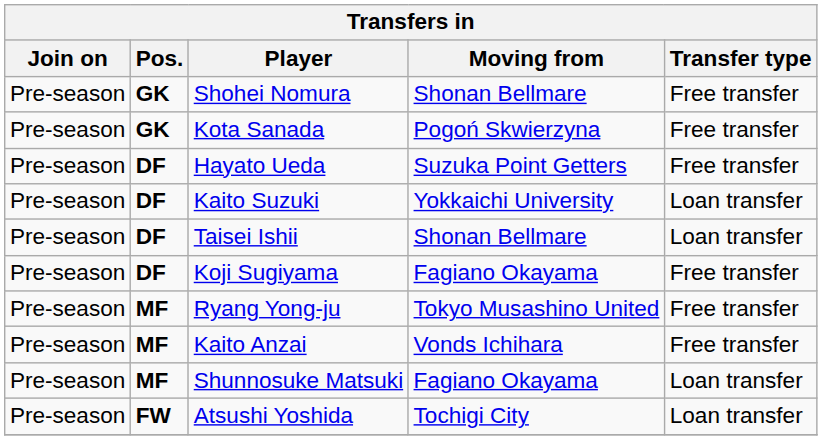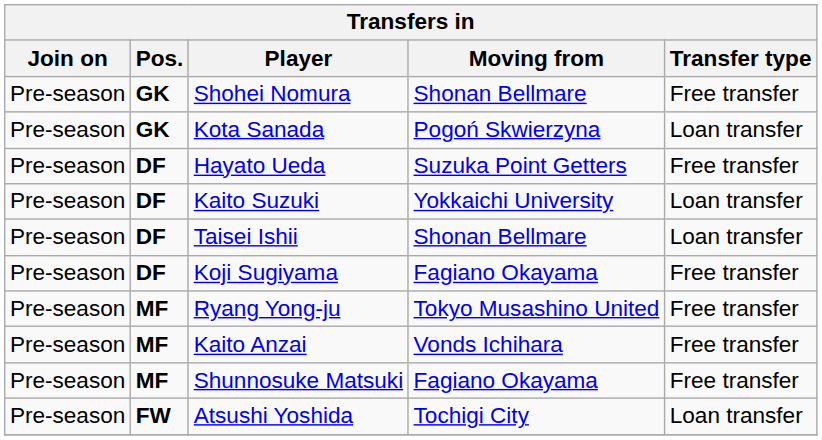 <table class="wikitable sortable" style=“text-align:left;>
 <tr>
 <th colspan="5">Transfers in</th>
 </tr>
 <tr>
 <th>Join on</th>
 <th>Pos.</th>
 <th>Player</th>
 <th>Moving from</th>
 <th>Transfer type</th>
 </tr>
 <tr>
 <td>Pre-season</td>
 <td><strong>GK</strong></td>
 <td> <a href='#'>Shohei Nomura</a></td>
 <td> <a href='#'>Shonan Bellmare</a></td>
 <td>Free transfer</td>
 </tr>
 <tr>
 <td>Pre-season</td>
 <td><strong>GK</strong></td>
 <td> <a href='#'>Kota Sanada</a></td>
 <td> <a href='#'>Pogoń Skwierzyna</a></td>
-<td>Free transfer</td>
+<td>Loan transfer</td>
 </tr>
 <tr>
 <td>Pre-season</td>
 <td><strong>DF</strong></td>
 <td> <a href='#'>Hayato Ueda</a></td>
 <td> <a href='#'>Suzuka Point Getters</a></td>
 <td>Free transfer</td>
 </tr>
 <tr>
 <td>Pre-season</td>
 <td><strong>DF</strong></td>
 <td> <a href='#'>Kaito Suzuki</a></td>
 <td> <a href='#'>Yokkaichi University</a></td>
 <td>Loan transfer</td>
 </tr>
 <tr>
 <td>Pre-season</td>
 <td><strong>DF</strong></td>
 <td> <a href='#'>Taisei Ishii</a></td>
 <td> <a href='#'>Shonan Bellmare</a></td>
 <td>Loan transfer</td>
 </tr>
 <tr>
 <td>Pre-season</td>
 <td><strong>DF</strong></td>
 <td> <a href='#'>Koji Sugiyama</a></td>
 <td> <a href='#'>Fagiano Okayama</a></td>
 <td>Free transfer</td>
 </tr>
 <tr>
 <td>Pre-season</td>
 <td><strong>MF</strong></td>
 <td> <a href='#'>Ryang Yong-ju</a></td>
 <td> <a href='#'>Tokyo Musashino United</a></td>
 <td>Free transfer</td>
 </tr>
 <tr>
 <td>Pre-season</td>
 <td><strong>MF</strong></td>
 <td> <a href='#'>Kaito Anzai</a></td>
 <td> <a href='#'>Vonds Ichihara</a></td>
 <td>Free transfer</td>
 </tr>
 <tr>
 <td>Pre-season</td>
 <td><strong>MF</strong></td>
 <td> <a href='#'>Shunnosuke Matsuki</a></td>
 <td> <a href='#'>Fagiano Okayama</a></td>
-<td>Loan transfer</td>
+<td>Free transfer</td>
 </tr>
 <tr>
 <td>Pre-season</td>
 <td><strong>FW</strong></td>
 <td> <a href='#'>Atsushi Yoshida</a></td>
 <td> <a href='#'>Tochigi City</a></td>
 <td>Loan transfer</td>
 </tr>
 <tr>
 </tr>
 </table>
